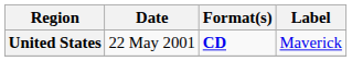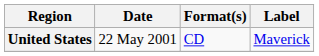 <table class="wikitable plainrowheaders">
 <tr>
 <th scope="col">Region</th>
 <th scope="col">Date</th>
 <th scope="col">Format(s)</th>
 <th scope="col">Label</th>
 </tr>
 <tr>
 <th scope="row">United States</th>
 <td>22 May 2001</td>
-<td><strong><a href='#'>CD</a></strong></td>
+<td><a href='#'>CD</a></td>
 <td><a href='#'>Maverick</a></td>
 </tr>
 <tr>
 </tr>
 </table>
